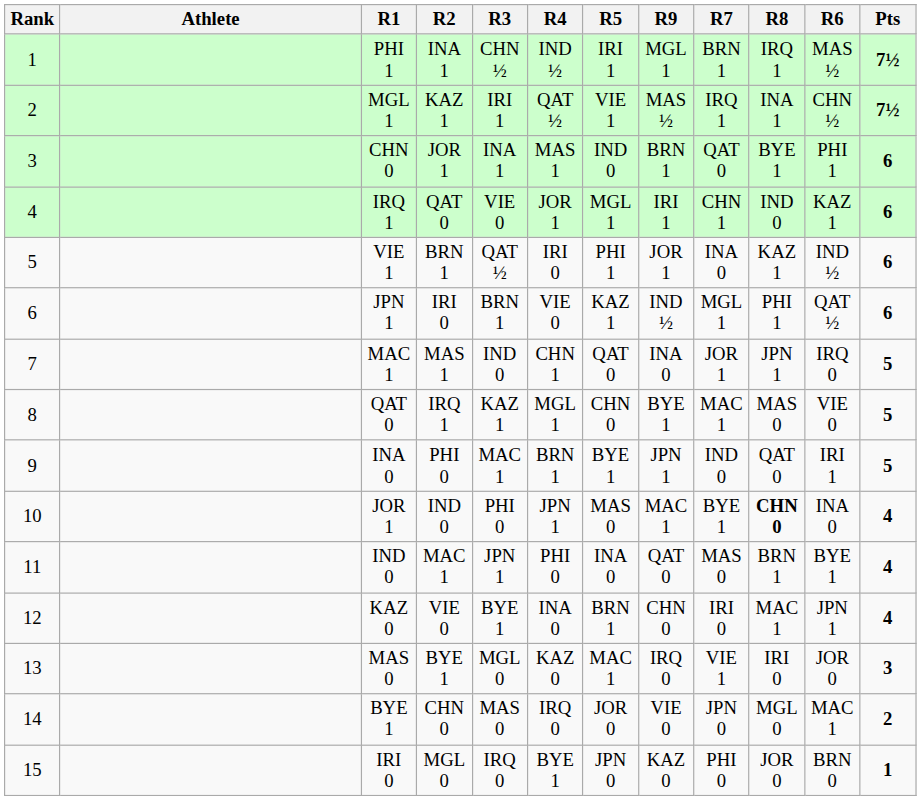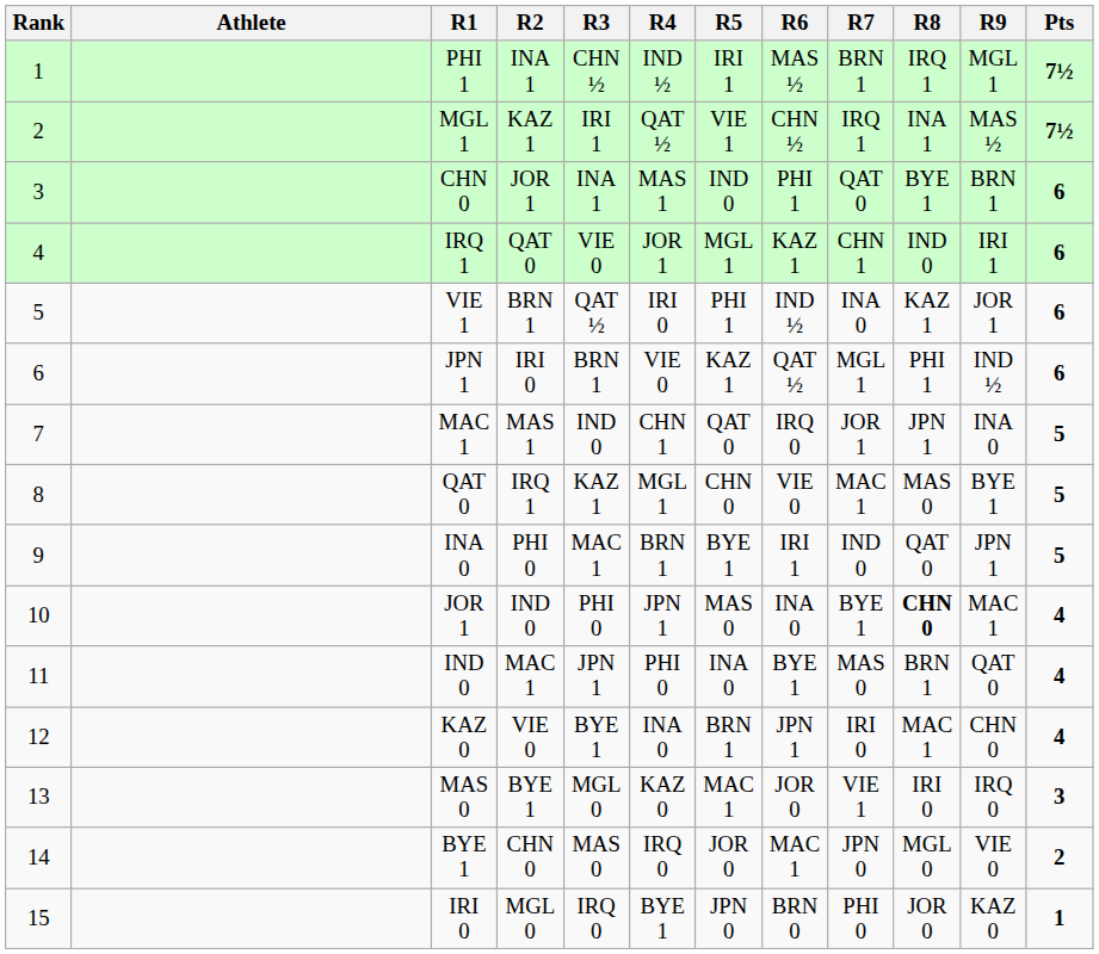 <table class=wikitable style="text-align:center">
 <tr>
 <th width=40>Rank</th>
 <th width=250>Athlete</th>
 <th width=40>R1</th>
 <th width=40>R2</th>
 <th width=40>R3</th>
 <th width=40>R4</th>
 <th width=40>R5</th>
-<th width=40>R9</th>
+<th width=40>R6</th>
 <th width=40>R7</th>
 <th width=40>R8</th>
-<th width=40>R6</th>
+<th width=40>R9</th>
 <th width=40>Pts</th>
 </tr>
 <tr style="background:#ccffcc;">
 <td>1</td>
 <td align=left></td>
 <td>PHI<br>1</td>
 <td>INA<br>1</td>
 <td>CHN<br>½</td>
 <td>IND<br>½</td>
 <td>IRI<br>1</td>
-<td>MGL<br>1</td>
+<td>MAS<br>½</td>
 <td>BRN<br>1</td>
 <td>IRQ<br>1</td>
-<td>MAS<br>½</td>
+<td>MGL<br>1</td>
 <td><strong>7½</strong></td>
 </tr>
 <tr style="background:#ccffcc;">
 <td>2</td>
 <td align=left></td>
 <td>MGL<br>1</td>
 <td>KAZ<br>1</td>
 <td>IRI<br>1</td>
 <td>QAT<br>½</td>
 <td>VIE<br>1</td>
-<td>MAS<br>½</td>
+<td>CHN<br>½</td>
 <td>IRQ<br>1</td>
 <td>INA<br>1</td>
-<td>CHN<br>½</td>
+<td>MAS<br>½</td>
 <td><strong>7½</strong></td>
 </tr>
 <tr style="background:#ccffcc;">
 <td>3</td>
 <td align=left></td>
 <td>CHN<br>0</td>
 <td>JOR<br>1</td>
 <td>INA<br>1</td>
 <td>MAS<br>1</td>
 <td>IND<br>0</td>
-<td>BRN<br>1</td>
+<td>PHI<br>1</td>
 <td>QAT<br>0</td>
 <td>BYE<br>1</td>
-<td>PHI<br>1</td>
+<td>BRN<br>1</td>
 <td><strong>6</strong></td>
 </tr>
 <tr style="background:#ccffcc;">
 <td>4</td>
 <td align=left></td>
 <td>IRQ<br>1</td>
 <td>QAT<br>0</td>
 <td>VIE<br>0</td>
 <td>JOR<br>1</td>
 <td>MGL<br>1</td>
-<td>IRI<br>1</td>
+<td>KAZ<br>1</td>
 <td>CHN<br>1</td>
 <td>IND<br>0</td>
-<td>KAZ<br>1</td>
+<td>IRI<br>1</td>
 <td><strong>6</strong></td>
 </tr>
 <tr>
 <td>5</td>
 <td align=left></td>
 <td>VIE<br>1</td>
 <td>BRN<br>1</td>
 <td>QAT<br>½</td>
 <td>IRI<br>0</td>
 <td>PHI<br>1</td>
-<td>JOR<br>1</td>
+<td>IND<br>½</td>
 <td>INA<br>0</td>
 <td>KAZ<br>1</td>
-<td>IND<br>½</td>
+<td>JOR<br>1</td>
 <td><strong>6</strong></td>
 </tr>
 <tr>
 <td>6</td>
 <td align=left></td>
 <td>JPN<br>1</td>
 <td>IRI<br>0</td>
 <td>BRN<br>1</td>
 <td>VIE<br>0</td>
 <td>KAZ<br>1</td>
-<td>IND<br>½</td>
+<td>QAT<br>½</td>
 <td>MGL<br>1</td>
 <td>PHI<br>1</td>
-<td>QAT<br>½</td>
+<td>IND<br>½</td>
 <td><strong>6</strong></td>
 </tr>
 <tr>
 <td>7</td>
 <td align=left></td>
 <td>MAC<br>1</td>
 <td>MAS<br>1</td>
 <td>IND<br>0</td>
 <td>CHN<br>1</td>
 <td>QAT<br>0</td>
-<td>INA<br>0</td>
+<td>IRQ<br>0</td>
 <td>JOR<br>1</td>
 <td>JPN<br>1</td>
-<td>IRQ<br>0</td>
+<td>INA<br>0</td>
 <td><strong>5</strong></td>
 </tr>
 <tr>
 <td>8</td>
 <td align=left></td>
 <td>QAT<br>0</td>
 <td>IRQ<br>1</td>
 <td>KAZ<br>1</td>
 <td>MGL<br>1</td>
 <td>CHN<br>0</td>
-<td>BYE<br>1</td>
+<td>VIE<br>0</td>
 <td>MAC<br>1</td>
 <td>MAS<br>0</td>
-<td>VIE<br>0</td>
+<td>BYE<br>1</td>
 <td><strong>5</strong></td>
 </tr>
 <tr>
 <td>9</td>
 <td align=left></td>
 <td>INA<br>0</td>
 <td>PHI<br>0</td>
 <td>MAC<br>1</td>
 <td>BRN<br>1</td>
 <td>BYE<br>1</td>
-<td>JPN<br>1</td>
+<td>IRI<br>1</td>
 <td>IND<br>0</td>
 <td>QAT<br>0</td>
-<td>IRI<br>1</td>
+<td>JPN<br>1</td>
 <td><strong>5</strong></td>
 </tr>
 <tr>
 <td>10</td>
 <td align=left></td>
 <td>JOR<br>1</td>
 <td>IND<br>0</td>
 <td>PHI<br>0</td>
 <td>JPN<br>1</td>
 <td>MAS<br>0</td>
-<td>MAC<br>1</td>
+<td>INA<br>0</td>
 <td>BYE<br>1</td>
 <td><strong>CHN<br>0</strong></td>
-<td>INA<br>0</td>
+<td>MAC<br>1</td>
 <td><strong>4</strong></td>
 </tr>
 <tr>
 <td>11</td>
 <td align=left></td>
 <td>IND<br>0</td>
 <td>MAC<br>1</td>
 <td>JPN<br>1</td>
 <td>PHI<br>0</td>
 <td>INA<br>0</td>
-<td>QAT<br>0</td>
+<td>BYE<br>1</td>
 <td>MAS<br>0</td>
 <td>BRN<br>1</td>
-<td>BYE<br>1</td>
+<td>QAT<br>0</td>
 <td><strong>4</strong></td>
 </tr>
 <tr>
 <td>12</td>
 <td align=left></td>
 <td>KAZ<br>0</td>
 <td>VIE<br>0</td>
 <td>BYE<br>1</td>
 <td>INA<br>0</td>
 <td>BRN<br>1</td>
-<td>CHN<br>0</td>
+<td>JPN<br>1</td>
 <td>IRI<br>0</td>
 <td>MAC<br>1</td>
-<td>JPN<br>1</td>
+<td>CHN<br>0</td>
 <td><strong>4</strong></td>
 </tr>
 <tr>
 <td>13</td>
 <td align=left></td>
 <td>MAS<br>0</td>
 <td>BYE<br>1</td>
 <td>MGL<br>0</td>
 <td>KAZ<br>0</td>
 <td>MAC<br>1</td>
-<td>IRQ<br>0</td>
+<td>JOR<br>0</td>
 <td>VIE<br>1</td>
 <td>IRI<br>0</td>
-<td>JOR<br>0</td>
+<td>IRQ<br>0</td>
 <td><strong>3</strong></td>
 </tr>
 <tr>
 <td>14</td>
 <td align=left></td>
 <td>BYE<br>1</td>
 <td>CHN<br>0</td>
 <td>MAS<br>0</td>
 <td>IRQ<br>0</td>
 <td>JOR<br>0</td>
-<td>VIE<br>0</td>
+<td>MAC<br>1</td>
 <td>JPN<br>0</td>
 <td>MGL<br>0</td>
-<td>MAC<br>1</td>
+<td>VIE<br>0</td>
 <td><strong>2</strong></td>
 </tr>
 <tr>
 <td>15</td>
 <td align=left></td>
 <td>IRI<br>0</td>
 <td>MGL<br>0</td>
 <td>IRQ<br>0</td>
 <td>BYE<br>1</td>
 <td>JPN<br>0</td>
-<td>KAZ<br>0</td>
+<td>BRN<br>0</td>
 <td>PHI<br>0</td>
 <td>JOR<br>0</td>
-<td>BRN<br>0</td>
+<td>KAZ<br>0</td>
 <td><strong>1</strong></td>
 </tr>
 </table>
